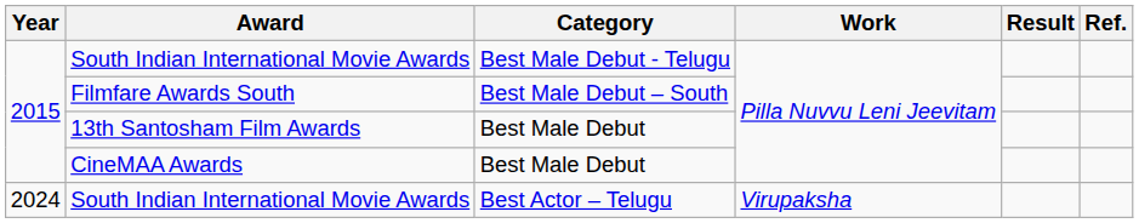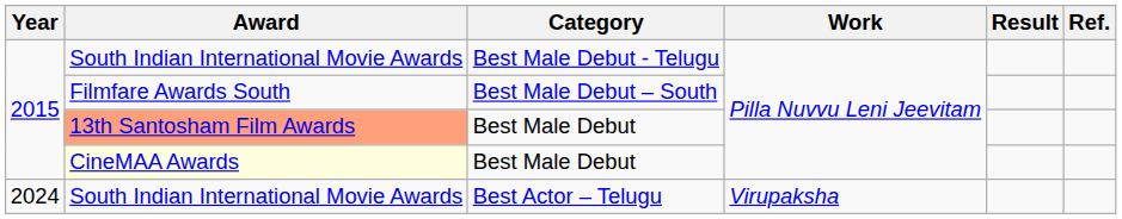 <table class="wikitable">
 <tr>
 <th>Year</th>
 <th>Award</th>
 <th>Category</th>
 <th>Work</th>
 <th>Result</th>
 <th>Ref.</th>
 </tr>
 <tr>
 <td rowspan="4"><a href='#'>2015</a></td>
 <td><a href='#'>South Indian International Movie Awards</a></td>
 <td><a href='#'>Best Male Debut - Telugu</a></td>
 <td rowspan="4"><em><a href='#'>Pilla Nuvvu Leni Jeevitam</a></em></td>
 <td></td>
 <td></td>
 </tr>
 <tr>
 <td><a href='#'>Filmfare Awards South</a></td>
 <td><a href='#'>Best Male Debut – South</a></td>
 <td></td>
 <td></td>
 </tr>
 <tr>
-<td><a href='#'>13th Santosham Film Awards</a></td>
+<td style="background: lightsalmon;"><a href='#'>13th Santosham Film Awards</a></td>
 <td>Best Male Debut</td>
 <td></td>
 <td></td>
 </tr>
 <tr>
-<td><a href='#'>CineMAA Awards</a></td>
+<td style="background: lightyellow;"><a href='#'>CineMAA Awards</a></td>
 <td>Best Male Debut</td>
 <td></td>
 <td></td>
 </tr>
 <tr>
 <td>2024</td>
 <td><a href='#'>South Indian International Movie Awards</a></td>
 <td><a href='#'>Best Actor – Telugu</a></td>
 <td><em><a href='#'>Virupaksha</a></em></td>
 <td></td>
 <td></td>
 </tr>
 </table>
